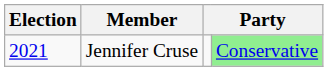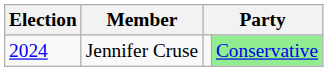 <table class="wikitable">
 <tr>
 <th>Election</th>
 <th>Member</th>
 <th colspan="2">Party</th>
 </tr>
 <tr>
-<td><a href='#'>2021</a></td>
+<td><a href='#'>2024</a></td>
 <td>Jennifer Cruse</td>
 <td style="background-color: "></td>
 <td style="background: lightgreen;"><a href='#'>Conservative</a></td>
 </tr>
 </table>
